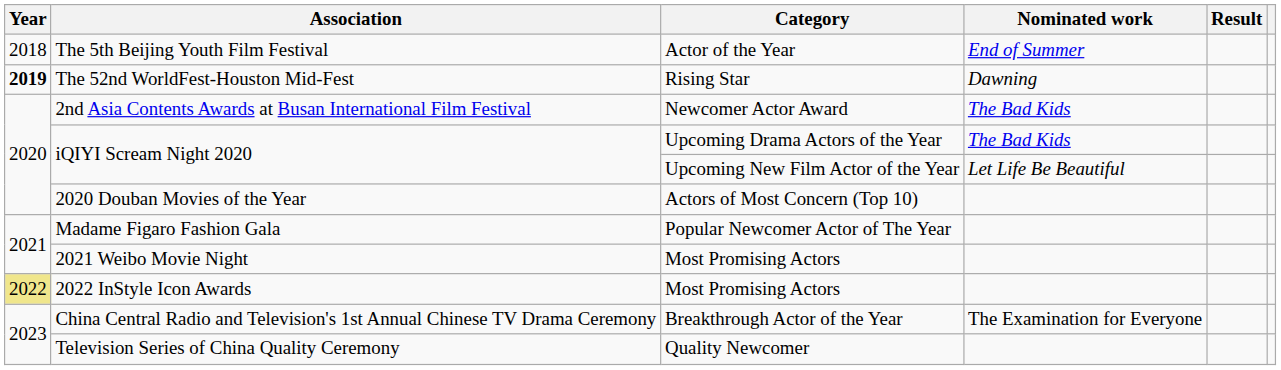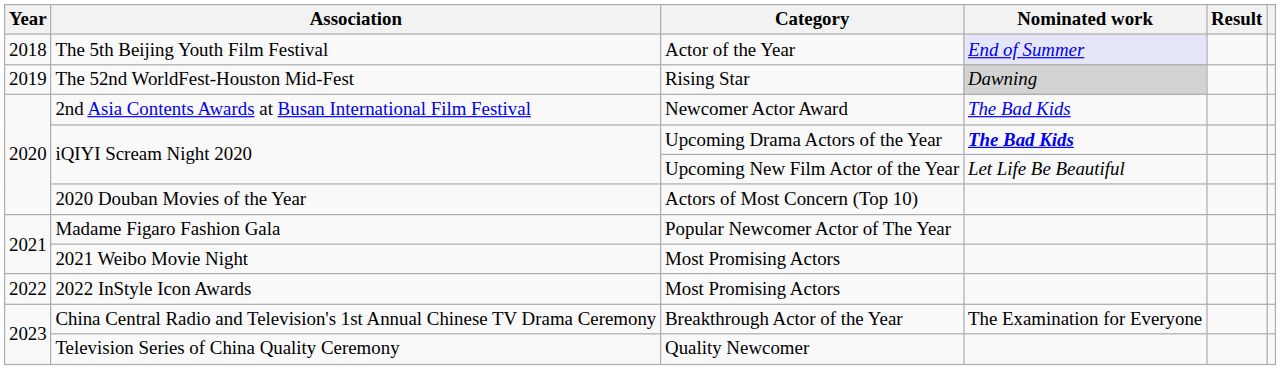 <table class="wikitable sortable">
 <tr>
 <th>Year</th>
 <th>Association</th>
 <th>Category</th>
 <th>Nominated work</th>
 <th>Result</th>
 <th scope="col" class="unsortable"></th>
 </tr>
 <tr>
 <td>2018</td>
 <td>The 5th Beijing Youth Film Festival</td>
 <td>Actor of the Year</td>
-<td><em><a href='#'>End of Summer</a></em></td>
+<td style="background: lavender;"><em><a href='#'>End of Summer</a></em></td>
 <td></td>
 <td style="text-align:center;"></td>
 </tr>
 <tr>
-<td><strong>2019</strong></td>
+<td>2019</td>
 <td>The 52nd WorldFest-Houston Mid-Fest</td>
 <td>Rising Star</td>
-<td><em>Dawning</em></td>
+<td style="background: lightgrey;"><em>Dawning</em></td>
 <td></td>
 <td style="text-align:center;"></td>
 </tr>
 <tr>
 <td rowspan ="4">2020</td>
 <td>2nd <a href='#'>Asia Contents Awards</a> at <a href='#'>Busan International Film Festival</a></td>
 <td>Newcomer Actor Award</td>
 <td><em><a href='#'>The Bad Kids</a></em></td>
 <td></td>
 <td style="text-align:center;"></td>
 </tr>
 <tr>
 <td rowspan ="2">iQIYI Scream Night 2020</td>
 <td>Upcoming Drama Actors of the Year</td>
-<td><em><a href='#'>The Bad Kids</a></em></td>
+<td><strong><em><a href='#'>The Bad Kids</a></em></strong></td>
 <td></td>
 <td style="text-align:center;"></td>
 </tr>
 <tr>
 <td>Upcoming New Film Actor of the Year</td>
 <td><em>Let Life Be Beautiful</em></td>
 <td></td>
 <td style="text-align:center;"></td>
 </tr>
 <tr>
 <td>2020 Douban Movies of the Year</td>
 <td>Actors of Most Concern (Top 10)</td>
 <td></td>
 <td></td>
 <td style="text-align:center;"></td>
 </tr>
 <tr>
 <td rowspan="2">2021</td>
 <td>Madame Figaro Fashion Gala</td>
 <td>Popular Newcomer Actor of The Year</td>
 <td></td>
 <td></td>
 <td style="text-align:center;"></td>
 </tr>
 <tr>
 <td>2021 Weibo Movie Night</td>
 <td>Most Promising Actors</td>
 <td></td>
 <td></td>
 <td style="text-align:center;"></td>
 </tr>
 <tr>
-<td style="background: khaki;">2022</td>
+<td>2022</td>
 <td>2022 InStyle Icon Awards</td>
 <td>Most Promising Actors</td>
 <td></td>
 <td></td>
 <td style="text-align:center;"></td>
 </tr>
 <tr>
 <td rowspan="2">2023</td>
 <td>China Central Radio and Television's 1st Annual Chinese TV Drama Ceremony</td>
 <td>Breakthrough Actor of the Year</td>
 <td>The Examination for Everyone</td>
 <td></td>
 <td style="text-align:center;"></td>
 </tr>
 <tr>
 <td>Television Series of China Quality Ceremony</td>
 <td>Quality Newcomer</td>
 <td></td>
 <td></td>
 <td style="text-align:center;"></td>
 </tr>
 </table>
